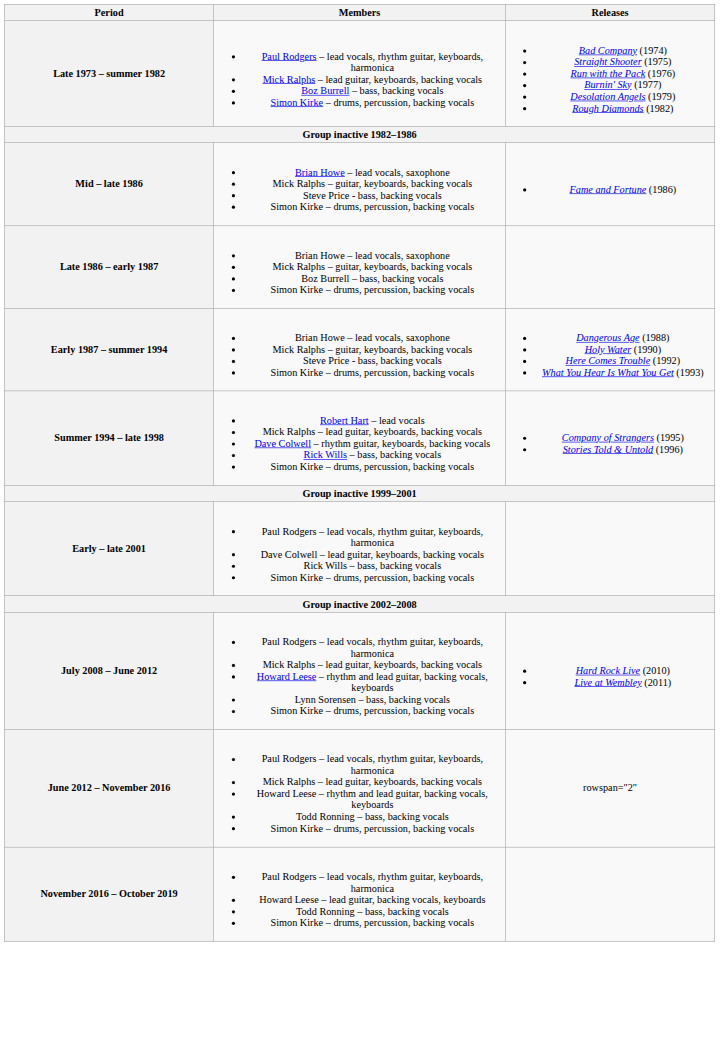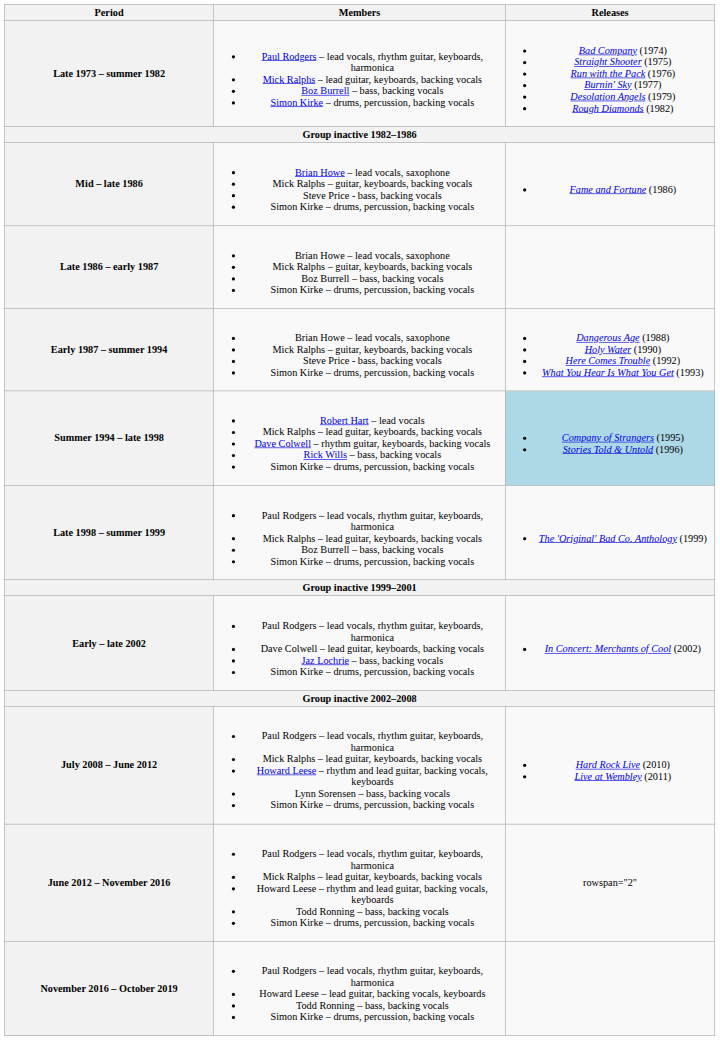 <table class="wikitable plainrowheaders" style="text-align:center;">
 <tr>
 <th scope="col" style="width:20em;">Period</th>
 <th scope="col" style="width:28em;">Members</th>
 <th scope="col" style="width:20em;">Releases</th>
 </tr>
 <tr>
 <th scope="col">Late 1973 – summer 1982</th>
 <td><br><ul><li><a href='#'>Paul Rodgers</a> – lead vocals, rhythm guitar, keyboards, harmonica</li><li><a href='#'>Mick Ralphs</a> – lead guitar, keyboards, backing vocals</li><li><a href='#'>Boz Burrell</a> – bass, backing vocals</li><li><a href='#'>Simon Kirke</a> – drums, percussion, backing vocals</li></ul></td>
 <td><br><ul><li><em><a href='#'>Bad Company</a></em> (1974)</li><li><em><a href='#'>Straight Shooter</a></em> (1975)</li><li><em><a href='#'>Run with the Pack</a></em> (1976)</li><li><em><a href='#'>Burnin' Sky</a></em> (1977)</li><li><em><a href='#'>Desolation Angels</a></em> (1979)</li><li><em><a href='#'>Rough Diamonds</a></em> (1982)</li></ul></td>
 </tr>
 <tr>
 <th scope="col" colspan="3">Group inactive 1982–1986</th>
 </tr>
 <tr>
 <th scope="col">Mid – late 1986</th>
 <td><br><ul><li><a href='#'>Brian Howe</a> – lead vocals, saxophone</li><li>Mick Ralphs – guitar, keyboards, backing vocals</li><li>Steve Price - bass, backing vocals</li><li>Simon Kirke – drums, percussion, backing vocals</li></ul></td>
 <td><br><ul><li><em><a href='#'>Fame and Fortune</a></em> (1986)</li></ul></td>
 </tr>
 <tr>
 <th scope="col">Late 1986 – early 1987</th>
 <td><br><ul><li>Brian Howe – lead vocals, saxophone</li><li>Mick Ralphs – guitar, keyboards, backing vocals</li><li>Boz Burrell – bass, backing vocals</li><li>Simon Kirke – drums, percussion, backing vocals</li></ul></td>
 <td></td>
 </tr>
 <tr>
 <th scope="col">Early 1987 – summer 1994</th>
 <td><br><ul><li>Brian Howe – lead vocals, saxophone</li><li>Mick Ralphs – guitar, keyboards, backing vocals</li><li>Steve Price - bass, backing vocals</li><li>Simon Kirke – drums, percussion, backing vocals</li></ul></td>
 <td><br><ul><li><em><a href='#'>Dangerous Age</a></em> (1988)</li><li><em><a href='#'>Holy Water</a></em> (1990)</li><li><em><a href='#'>Here Comes Trouble</a></em> (1992)</li><li><em><a href='#'>What You Hear Is What You Get</a></em> (1993)</li></ul></td>
 </tr>
 <tr>
 <th scope="col">Summer 1994 – late 1998</th>
 <td><br><ul><li><a href='#'>Robert Hart</a> – lead vocals</li><li>Mick Ralphs – lead guitar, keyboards, backing vocals</li><li><a href='#'>Dave Colwell</a> – rhythm guitar, keyboards, backing vocals</li><li><a href='#'>Rick Wills</a> – bass, backing vocals</li><li>Simon Kirke – drums, percussion, backing vocals</li></ul></td>
-<td><br><ul><li><em><a href='#'>Company of Strangers</a></em> (1995)</li><li><em><a href='#'>Stories Told & Untold</a></em> (1996)</li></ul></td>
+<td style="background: lightblue;"><br><ul><li><em><a href='#'>Company of Strangers</a></em> (1995)</li><li><em><a href='#'>Stories Told & Untold</a></em> (1996)</li></ul></td>
+</tr>
+<tr>
+<th scope="col">Late 1998 – summer 1999</th>
+<td><br><ul><li>Paul Rodgers – lead vocals, rhythm guitar, keyboards, harmonica</li><li>Mick Ralphs – lead guitar, keyboards, backing vocals</li><li>Boz Burrell – bass, backing vocals</li><li>Simon Kirke – drums, percussion, backing vocals</li></ul></td>
+<td><br><ul><li><em><a href='#'>The 'Original' Bad Co. Anthology</a></em> (1999)<br></li></ul></td>
 </tr>
 <tr>
 <th scope="col" colspan="3">Group inactive 1999–2001</th>
 </tr>
 <tr>
-<th scope="col">Early – late 2001</th>
-<td><br><ul><li>Paul Rodgers – lead vocals, rhythm guitar, keyboards, harmonica</li><li>Dave Colwell – lead guitar, keyboards, backing vocals</li><li>Rick Wills – bass, backing vocals</li><li>Simon Kirke – drums, percussion, backing vocals</li></ul></td>
-<td></td>
+<th scope="col">Early – late 2002</th>
+<td><br><ul><li>Paul Rodgers – lead vocals, rhythm guitar, keyboards, harmonica</li><li>Dave Colwell – lead guitar, keyboards, backing vocals</li><li><a href='#'>Jaz Lochrie</a> – bass, backing vocals</li><li>Simon Kirke – drums, percussion, backing vocals</li></ul></td>
+<td><br><ul><li><em><a href='#'>In Concert: Merchants of Cool</a></em> (2002)</li></ul></td>
 </tr>
 <tr>
 <th scope="col" colspan="3">Group inactive 2002–2008</th>
 </tr>
 <tr>
 <th scope="col">July 2008 – June 2012</th>
 <td><br><ul><li>Paul Rodgers – lead vocals, rhythm guitar, keyboards, harmonica</li><li>Mick Ralphs – lead guitar, keyboards, backing vocals</li><li><a href='#'>Howard Leese</a> – rhythm and lead guitar, backing vocals, keyboards</li><li>Lynn Sorensen – bass, backing vocals</li><li>Simon Kirke – drums, percussion, backing vocals</li></ul></td>
 <td><br><ul><li><em><a href='#'>Hard Rock Live</a></em> (2010)</li><li><em><a href='#'>Live at Wembley</a></em> (2011)</li></ul></td>
 </tr>
 <tr>
 <th scope="col">June 2012 – November 2016</th>
 <td><br><ul><li>Paul Rodgers – lead vocals, rhythm guitar, keyboards, harmonica</li><li>Mick Ralphs – lead guitar, keyboards, backing vocals</li><li>Howard Leese – rhythm and lead guitar, backing vocals, keyboards</li><li>Todd Ronning – bass, backing vocals</li><li>Simon Kirke – drums, percussion, backing vocals</li></ul></td>
 <td>rowspan="2" </td>
 </tr>
 <tr>
 <th scope="col">November 2016 – October 2019</th>
 <td><br><ul><li>Paul Rodgers – lead vocals, rhythm guitar, keyboards, harmonica</li><li>Howard Leese – lead guitar, backing vocals, keyboards</li><li>Todd Ronning – bass, backing vocals</li><li>Simon Kirke – drums, percussion, backing vocals</li></ul></td>
 </tr>
 </table>
